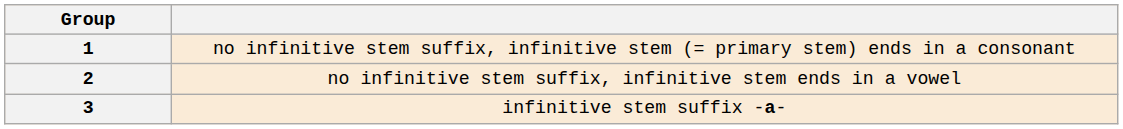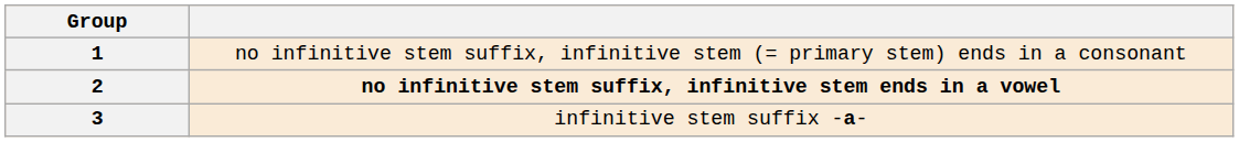 <table class="wikitable" border="1" width=90% style="text-align:center; background:antiquewhite">
 <tr>
 <th>Group</th>
 <th width=85%></th>
 </tr>
 <tr>
 <th>1</th>
 <td>no infinitive stem suffix, infinitive stem (= primary stem) ends in a consonant</td>
 </tr>
 <tr>
 <th>2</th>
-<td>no infinitive stem suffix, infinitive stem ends in a vowel</td>
+<td><strong>no infinitive stem suffix, infinitive stem ends in a vowel</strong></td>
 </tr>
 <tr>
 <th>3</th>
 <td>infinitive stem suffix -<strong>a</strong>-</td>
 </tr>
 </table>
